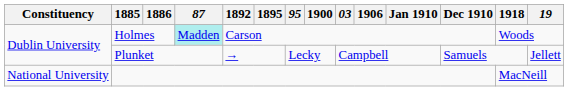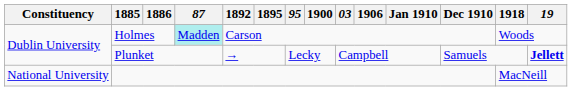 <table class="wikitable">
 <tr>
 <th>Constituency</th>
 <th>1885</th>
 <th>1886</th>
 <th><em>87</em></th>
 <th>1892</th>
 <th>1895</th>
 <th><em>95</em></th>
 <th>1900</th>
 <th><em>03</em></th>
 <th>1906</th>
 <th>Jan 1910</th>
 <th>Dec 1910</th>
 <th>1918</th>
 <th><em>19</em></th>
 </tr>
 <tr>
 <td rowspan="2"><a href='#'>Dublin University</a></td>
 <td colspan="2"><a href='#'>Holmes</a></td>
 <td colspan="1" style="background: paleturquoise;"><a href='#'>Madden</a></td>
 <td colspan="8"><a href='#'>Carson</a></td>
 <td colspan="2"><a href='#'>Woods</a></td>
 </tr>
 <tr>
 <td colspan="3"><a href='#'>Plunket</a></td>
 <td colspan="2"><a href='#'>→</a></td>
 <td colspan="2"><a href='#'>Lecky</a></td>
 <td colspan="3"><a href='#'>Campbell</a></td>
 <td colspan="2"><a href='#'>Samuels</a></td>
-<td><a href='#'>Jellett</a></td>
+<td><strong><a href='#'>Jellett</a></strong></td>
 </tr>
 <tr>
 <td><a href='#'>National University</a></td>
 <td colspan="11"></td>
 <td colspan="2"><a href='#'>MacNeill</a></td>
 </tr>
 </table>
